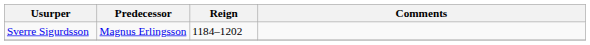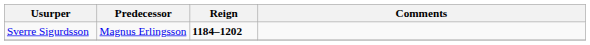 <table class="wikitable">
 <tr>
 <th width="125">Usurper</th>
 <th width="125">Predecessor</th>
 <th width="90">Reign</th>
 <th width="460">Comments</th>
 </tr>
 <tr>
 <td><a href='#'>Sverre Sigurdsson</a></td>
 <td><a href='#'>Magnus Erlingsson</a></td>
-<td>1184–1202</td>
+<td><strong>1184–1202</strong></td>
 <td></td>
 </tr>
 <tr>
 </tr>
 </table>
